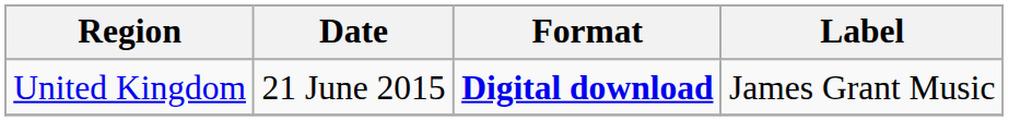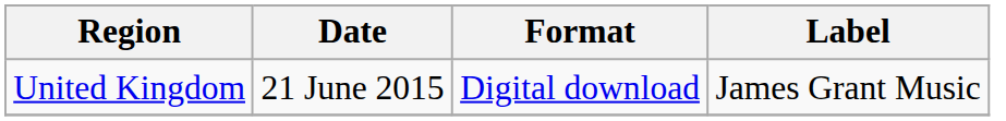 <table class=wikitable>
 <tr>
 <th>Region</th>
 <th>Date</th>
 <th>Format</th>
 <th>Label</th>
 </tr>
 <tr>
 <td><a href='#'>United Kingdom</a></td>
 <td>21 June 2015</td>
-<td><strong><a href='#'>Digital download</a></strong></td>
+<td><a href='#'>Digital download</a></td>
 <td>James Grant Music</td>
 </tr>
 <tr>
 </tr>
 </table>
